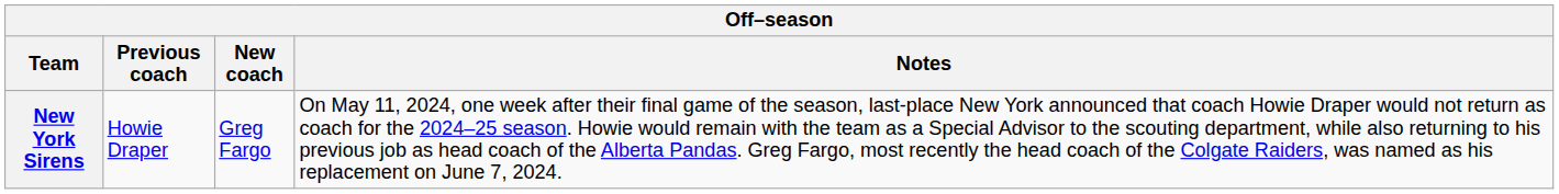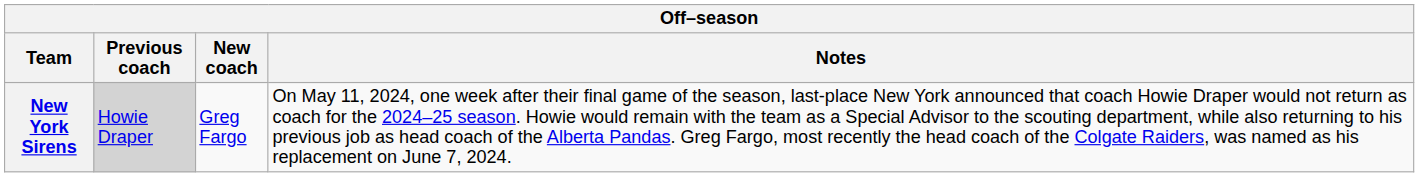 <table class="wikitable">
 <tr>
 <th scope="colgroup" colspan="4">Off–season</th>
 </tr>
 <tr>
 <th scope="col">Team</th>
 <th scope="col">Previous coach</th>
 <th scope="col">New coach</th>
 <th scope="col">Notes</th>
 </tr>
 <tr>
 <th scope="row"><a href='#'>New York Sirens</a></th>
-<td><a href='#'>Howie Draper</a></td>
+<td style="background: lightgrey;"><a href='#'>Howie Draper</a></td>
 <td><a href='#'>Greg Fargo</a></td>
 <td>On May 11, 2024, one week after their final game of the season, last-place New York announced that coach Howie Draper would not return as coach for the <a href='#'>2024–25 season</a>. Howie would remain with the team as a Special Advisor to the scouting department, while also returning to his previous job as head coach of the <a href='#'>Alberta Pandas</a>. Greg Fargo, most recently the head coach of the <a href='#'>Colgate Raiders</a>, was named as his replacement on June 7, 2024.</td>
 </tr>
 </table>
